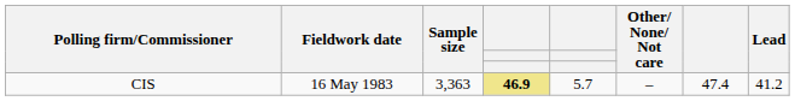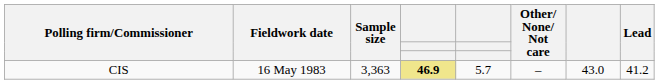 <table class="wikitable collapsible collapsed" style="text-align:center; font-size:90%; line-height:14px;">
 <tr style="height:42px;">
 <th style="width:250px;" rowspan="3">Polling firm/Commissioner</th>
 <th style="width:125px;" rowspan="3">Fieldwork date</th>
 <th style="width:50px;" rowspan="3">Sample size</th>
 <th style="width:55px;"></th>
 <th style="width:55px;"></th>
 <th style="width:55px;" rowspan="3">Other/<br>None/<br>Not<br>care</th>
 <th style="width:55px;" rowspan="3"></th>
 <th style="width:30px;" rowspan="3">Lead</th>
 </tr>
 <tr>
 <th style="color:inherit;background:"></th>
 <th style="color:inherit;background:"></th>
 </tr>
 <tr>
 <th></th>
 <th></th>
 </tr>
 <tr>
 <td>CIS</td>
 <td>16 May 1983</td>
 <td>3,363</td>
 <td style="background: khaki;"><strong>46.9</strong></td>
 <td>5.7</td>
 <td>–</td>
-<td>47.4</td>
+<td>43.0</td>
 <td style="background:">41.2</td>
 </tr>
 </table>
